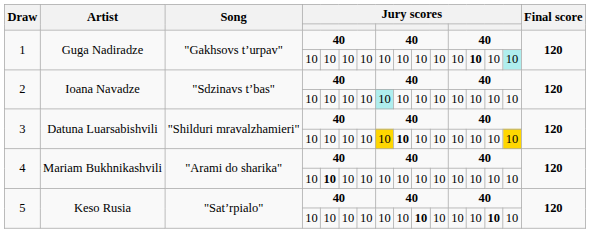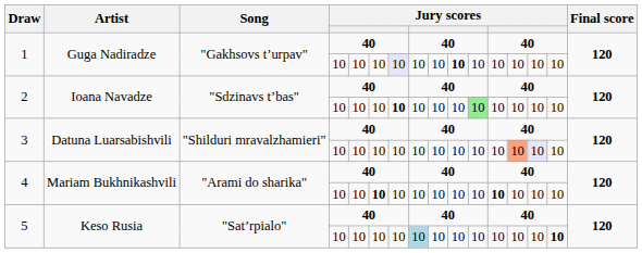 <table class="sortable wikitable" style="text-align:center;margin:1em auto 1em auto">
 <tr>
 <th rowspan="2" scope="col">Draw</th>
 <th rowspan="2" scope="col">Artist</th>
 <th rowspan="2" scope="col">Song</th>
 <th colspan="12" scope="col">Jury scores</th>
 <th rowspan="2" scope="col">Final score</th>
 </tr>
 <tr>
 <th colspan="4" scope="col" class="unsortable"><small></small></th>
 <th colspan="4" scope="col" class="unsortable"><small></small></th>
 <th colspan="4" scope="col" class="unsortable"><small></small></th>
 </tr>
 <tr>
 <td rowspan="2">1</td>
 <td rowspan="2">Guga Nadiradze</td>
 <td rowspan="2">"Gakhsovs t’urpav"<br></td>
 <td colspan="4"><strong>40</strong></td>
 <td colspan="4"><strong>40</strong></td>
 <td colspan="4"><strong>40</strong></td>
 <td rowspan="2"><strong>120</strong></td>
 </tr>
 <tr>
 <td>10</td>
 <td>10</td>
 <td>10</td>
+<td style="background: lavender;">10</td>
+<td>10</td>
+<td>10</td>
+<td><strong>10</strong></td>
 <td>10</td>
 <td>10</td>
 <td>10</td>
 <td>10</td>
 <td>10</td>
-<td>10</td>
-<td><strong>10</strong></td>
-<td>10</td>
-<td style="background: paleturquoise;">10</td>
 </tr>
 <tr>
 <td rowspan="2">2</td>
 <td rowspan="2">Ioana Navadze</td>
 <td rowspan="2">"Sdzinavs t’bas"<br></td>
 <td colspan="4"><strong>40</strong></td>
 <td colspan="4"><strong>40</strong></td>
 <td colspan="4"><strong>40</strong></td>
 <td rowspan="2"><strong>120</strong></td>
 </tr>
 <tr>
 <td>10</td>
 <td>10</td>
 <td>10</td>
-<td>10</td>
-<td style="background: paleturquoise;">10</td>
+<td><strong>10</strong></td>
 <td>10</td>
 <td>10</td>
 <td>10</td>
+<td style="background: lightgreen;">10</td>
 <td>10</td>
 <td>10</td>
 <td>10</td>
 <td>10</td>
 </tr>
 <tr>
 <td rowspan="2">3</td>
 <td rowspan="2">Datuna Luarsabishvili</td>
 <td rowspan="2">"Shilduri mravalzhamieri"<br></td>
 <td colspan="4"><strong>40</strong></td>
 <td colspan="4"><strong>40</strong></td>
 <td colspan="4"><strong>40</strong></td>
 <td rowspan="2"><strong>120</strong></td>
 </tr>
 <tr>
 <td>10</td>
 <td>10</td>
 <td>10</td>
 <td>10</td>
-<td style="background: gold;">10</td>
-<td><strong>10</strong></td>
 <td>10</td>
 <td>10</td>
 <td>10</td>
 <td>10</td>
 <td>10</td>
-<td style="background: gold;">10</td>
+<td style="background: lightsalmon;">10</td>
+<td style="background: lavender;">10</td>
+<td>10</td>
 </tr>
 <tr>
 <td rowspan="2">4</td>
 <td rowspan="2">Mariam Bukhnikashvili</td>
 <td rowspan="2">"Arami do sharika"<br></td>
 <td colspan="4"><strong>40</strong></td>
 <td colspan="4"><strong>40</strong></td>
 <td colspan="4"><strong>40</strong></td>
 <td rowspan="2"><strong>120</strong></td>
 </tr>
 <tr>
 <td>10</td>
+<td>10</td>
 <td><strong>10</strong></td>
 <td>10</td>
 <td>10</td>
 <td>10</td>
 <td>10</td>
 <td>10</td>
-<td>10</td>
-<td>10</td>
+<td><strong>10</strong></td>
 <td>10</td>
 <td>10</td>
 <td>10</td>
 </tr>
 <tr>
 <td rowspan="2">5</td>
 <td rowspan="2">Keso Rusia</td>
 <td rowspan="2">"Sat’rpialo"<br></td>
 <td colspan="4"><strong>40</strong></td>
 <td colspan="4"><strong>40</strong></td>
 <td colspan="4"><strong>40</strong></td>
 <td rowspan="2"><strong>120</strong></td>
 </tr>
 <tr>
 <td>10</td>
 <td>10</td>
 <td>10</td>
 <td>10</td>
+<td style="background: lightblue;">10</td>
 <td>10</td>
 <td>10</td>
-<td><strong>10</strong></td>
+<td>10</td>
 <td>10</td>
 <td>10</td>
 <td>10</td>
 <td><strong>10</strong></td>
-<td>10</td>
 </tr>
 </table>
